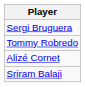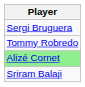 <table class="wikitable">
 <tr>
 <th>Player</th>
 </tr>
 <tr>
 <td> <a href='#'>Sergi Bruguera</a></td>
 </tr>
 <tr>
 <td> <a href='#'>Tommy Robredo</a></td>
 </tr>
 <tr>
-<td> <a href='#'>Alizé Cornet</a></td>
+<td style="background: lightgreen;"> <a href='#'>Alizé Cornet</a></td>
 </tr>
 <tr>
 <td> <a href='#'>Sriram Balaji</a></td>
 </tr>
 </table>
